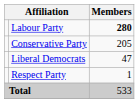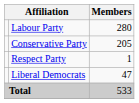 <table class="wikitable">
 <tr>
 <th colspan="2">Affiliation</th>
 <th>Members</th>
 </tr>
 <tr>
 <td style="color:inherit;background:"></td>
 <td><a href='#'>Labour Party</a></td>
-<td align="right"><strong>280</strong></td>
+<td align="right">280</td>
 </tr>
 <tr>
 <td style="color:inherit;background:"></td>
 <td><a href='#'>Conservative Party</a></td>
 <td align="right">205</td>
 </tr>
 <tr>
 <td style="color:inherit;background:"></td>
-<td><a href='#'>Liberal Democrats</a></td>
-<td align="right">47</td>
+<td><a href='#'>Respect Party</a></td>
+<td align="right">1</td>
 </tr>
 <tr>
 <td style="color:inherit;background:"></td>
-<td><a href='#'>Respect Party</a></td>
-<td align="right">1</td>
+<td><a href='#'>Liberal Democrats</a></td>
+<td align="right">47</td>
 </tr>
 <tr bgcolor="CCCCCC">
 <td colspan="2" rowspan="1"> <strong>Total</strong></td>
 <td align="right">533</td>
 </tr>
 <tr>
 </tr>
 </table>
